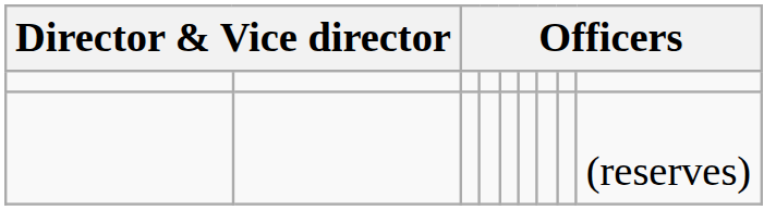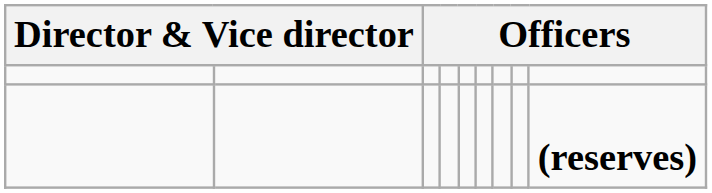 <table class="wikitable">
 <tr style="text-align:center;">
 <th colspan=2>Director & Vice director</th>
 <th colspan=7>Officers</th>
 </tr>
 <tr style="text-align:center;">
 <td></td>
 <td></td>
 <td></td>
 <td></td>
 <td></td>
 <td></td>
 <td></td>
 <td></td>
 <td></td>
 </tr>
 <tr style="text-align:center;">
 <td></td>
 <td></td>
 <td></td>
 <td></td>
 <td></td>
 <td></td>
 <td></td>
 <td></td>
-<td><br>(reserves)</td>
+<td><strong><br>(reserves)</strong></td>
 </tr>
 </table>
